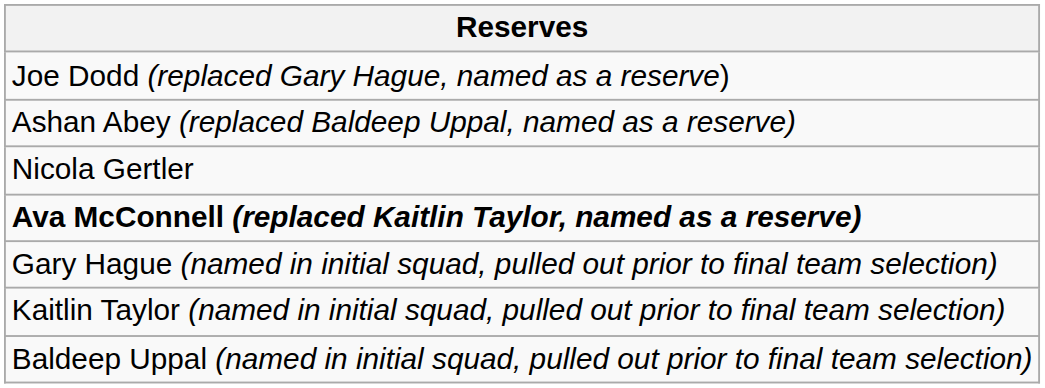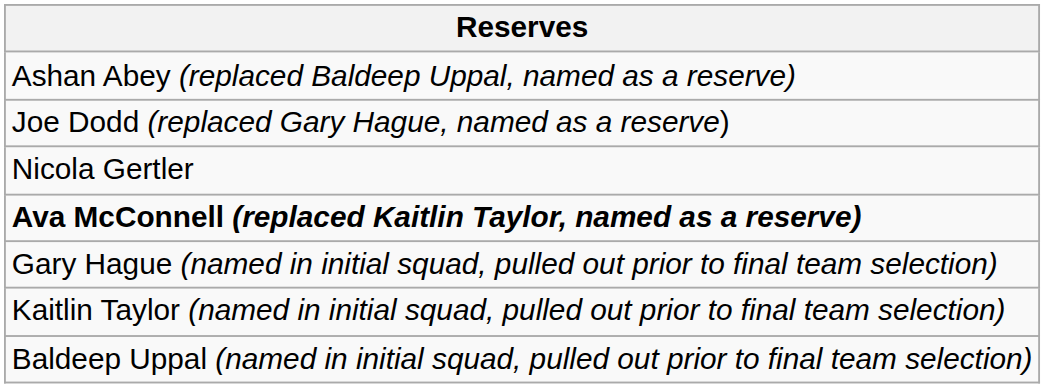 <table class="wikitable mw-collapsible mw-collapsed">
 <tr>
 <th>Reserves</th>
 </tr>
 <tr>
-<td>Joe Dodd <em>(replaced Gary Hague, named as a reserve</em>)</td>
+<td>Ashan Abey <em>(replaced Baldeep Uppal, named as a reserve)</em></td>
 </tr>
 <tr>
-<td>Ashan Abey <em>(replaced Baldeep Uppal, named as a reserve)</em></td>
+<td>Joe Dodd <em>(replaced Gary Hague, named as a reserve</em>)</td>
 </tr>
 <tr>
 <td>Nicola Gertler</td>
 </tr>
 <tr>
 <td><strong>Ava McConnell <em>(replaced Kaitlin Taylor, named as a reserve)</em></strong></td>
 </tr>
 <tr>
 <td>Gary Hague <em>(named in initial squad, pulled out prior to final team selection)</em></td>
 </tr>
 <tr>
 <td>Kaitlin Taylor <em>(named in initial squad, pulled out prior to final team selection)</em></td>
 </tr>
 <tr>
 <td>Baldeep Uppal <em>(named in initial squad, pulled out prior to final team selection)</em></td>
 </tr>
 </table>
